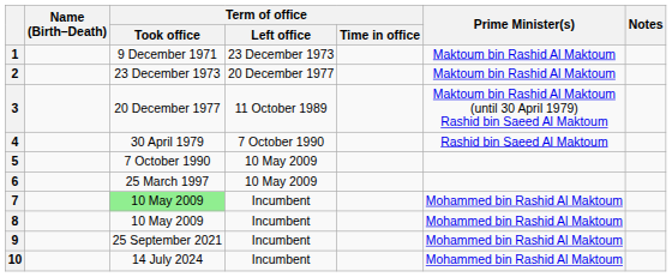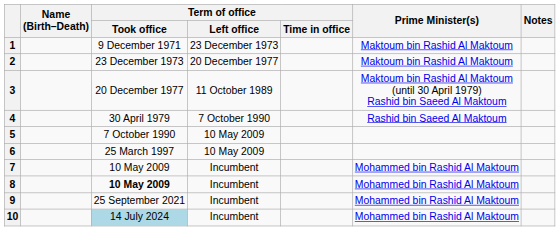 <table class="wikitable" style="text-align:center">
 <tr>
 <th rowspan="2"></th>
 <th rowspan="2">Name<br>(Birth–Death)</th>
 <th colspan="3">Term of office</th>
 <th rowspan="2">Prime Minister(s)</th>
 <th rowspan="2">Notes</th>
 </tr>
 <tr>
 <th>Took office</th>
 <th>Left office</th>
 <th>Time in office</th>
 </tr>
 <tr>
 <th>1</th>
 <td></td>
 <td>9 December 1971</td>
 <td>23 December 1973</td>
 <td></td>
 <td><a href='#'>Maktoum bin Rashid Al Maktoum</a></td>
 <td></td>
 </tr>
 <tr>
 <th>2</th>
 <td></td>
 <td>23 December 1973</td>
 <td>20 December 1977</td>
 <td></td>
 <td><a href='#'>Maktoum bin Rashid Al Maktoum</a></td>
 <td></td>
 </tr>
 <tr>
 <th>3</th>
 <td></td>
 <td>20 December 1977</td>
 <td>11 October 1989</td>
 <td></td>
 <td {{plainlist><a href='#'>Maktoum bin Rashid Al Maktoum</a><br>(until 30 April 1979)<br><a href='#'>Rashid bin Saeed Al Maktoum</a></td>
 <td></td>
 </tr>
 <tr>
 <th>4</th>
 <td></td>
 <td>30 April 1979</td>
 <td>7 October 1990</td>
 <td></td>
 <td><a href='#'>Rashid bin Saeed Al Maktoum</a></td>
 <td></td>
 </tr>
 <tr>
 <th>5</th>
 <td></td>
 <td>7 October 1990</td>
 <td>10 May 2009</td>
 <td></td>
 <td></td>
 <td></td>
 </tr>
 <tr>
 <th>6</th>
 <td></td>
 <td>25 March 1997</td>
 <td>10 May 2009</td>
 <td></td>
 <td></td>
 <td></td>
 </tr>
 <tr>
 <th>7</th>
 <td></td>
-<td style="background: lightgreen;">10 May 2009</td>
+<td>10 May 2009</td>
 <td>Incumbent</td>
 <td></td>
 <td><a href='#'>Mohammed bin Rashid Al Maktoum</a></td>
 <td></td>
 </tr>
 <tr>
 <th>8</th>
 <td></td>
-<td>10 May 2009</td>
+<td><strong>10 May 2009</strong></td>
 <td>Incumbent</td>
 <td></td>
 <td><a href='#'>Mohammed bin Rashid Al Maktoum</a></td>
 <td></td>
 </tr>
 <tr>
 <th>9</th>
 <td></td>
 <td>25 September 2021</td>
 <td>Incumbent</td>
 <td></td>
 <td><a href='#'>Mohammed bin Rashid Al Maktoum</a></td>
 <td></td>
 </tr>
 <tr>
 <th>10</th>
 <td></td>
-<td>14 July 2024</td>
+<td style="background: lightblue;">14 July 2024</td>
 <td>Incumbent</td>
 <td></td>
 <td><a href='#'>Mohammed bin Rashid Al Maktoum</a></td>
 <td></td>
 </tr>
 </table>
